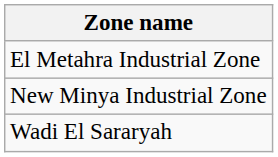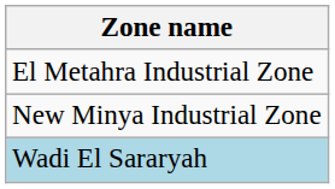 <table class="wikitable">
 <tr>
 <th>Zone name</th>
 </tr>
 <tr>
 <td rowspan="1">El Metahra Industrial Zone</td>
 </tr>
 <tr>
 <td rowspan="1">New Minya Industrial Zone</td>
 </tr>
 <tr>
-<td rowspan="1">Wadi El Sararyah</td>
+<td rowspan="1" style="background: lightblue;">Wadi El Sararyah</td>
 </tr>
 </table>
